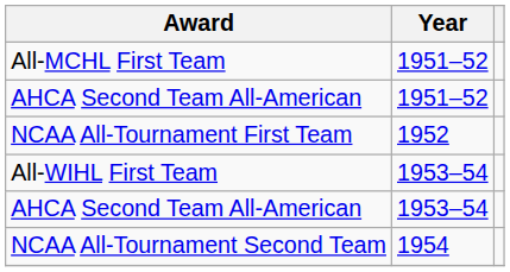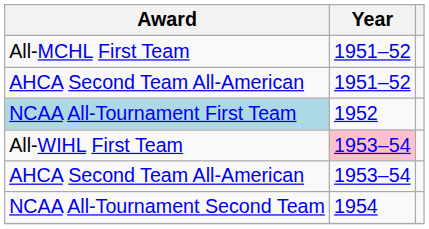 <table class="wikitable">
 <tr>
 <th>Award</th>
 <th>Year</th>
 <th></th>
 </tr>
 <tr>
 <td>All-<a href='#'>MCHL</a> <a href='#'>First Team</a></td>
 <td><a href='#'>1951–52</a></td>
 <td></td>
 </tr>
 <tr>
 <td><a href='#'>AHCA</a> <a href='#'>Second Team All-American</a></td>
 <td><a href='#'>1951–52</a></td>
 <td></td>
 </tr>
 <tr>
-<td><a href='#'>NCAA</a> <a href='#'>All-Tournament First Team</a></td>
+<td style="background: lightblue;"><a href='#'>NCAA</a> <a href='#'>All-Tournament First Team</a></td>
 <td><a href='#'>1952</a></td>
 <td></td>
 </tr>
 <tr>
 <td>All-<a href='#'>WIHL</a> <a href='#'>First Team</a></td>
-<td><a href='#'>1953–54</a></td>
+<td style="background: pink;"><a href='#'>1953–54</a></td>
 <td></td>
 </tr>
 <tr>
 <td><a href='#'>AHCA</a> <a href='#'>Second Team All-American</a></td>
 <td><a href='#'>1953–54</a></td>
 <td></td>
 </tr>
 <tr>
 <td><a href='#'>NCAA</a> <a href='#'>All-Tournament Second Team</a></td>
 <td><a href='#'>1954</a></td>
 <td></td>
 </tr>
 <tr>
 </tr>
 </table>
